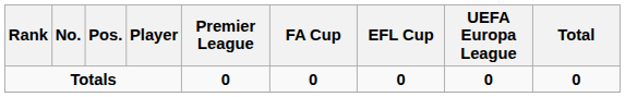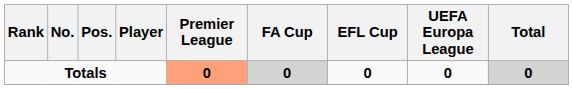 <table class="wikitable sortable alternance" style="text-align:center">
 <tr>
 <th>Rank</th>
 <th>No.</th>
 <th>Pos.</th>
 <th>Player</th>
 <th width="80">Premier League</th>
 <th width="80">FA Cup</th>
 <th width="80">EFL Cup</th>
 <th width="80">UEFA Europa League</th>
 <th width="80">Total</th>
 </tr>
 <tr class="sortbottom">
 <td colspan="4"><strong>Totals</strong></td>
+<td style="background: lightsalmon;"><strong>0</strong></td>
+<td style="background: lightgrey;"><strong>0</strong></td>
 <td><strong>0</strong></td>
 <td><strong>0</strong></td>
-<td><strong>0</strong></td>
-<td><strong>0</strong></td>
-<td><strong>0</strong></td>
+<td style="background: lightgrey;"><strong>0</strong></td>
 </tr>
 <tr>
 </tr>
 </table>
